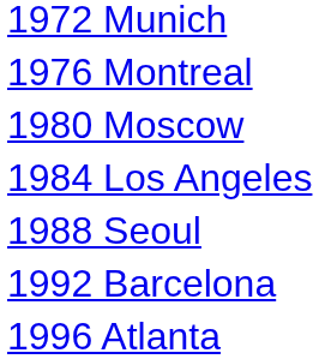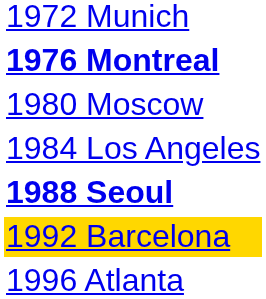 <table>
 <tr>
 <td><a href='#'>1972 Munich</a><br></td>
 <td></td>
 <td></td>
 <td></td>
 </tr>
 <tr>
-<td><a href='#'>1976 Montreal</a><br></td>
+<td><strong><a href='#'>1976 Montreal</a><br></strong></td>
 <td></td>
 <td></td>
 <td></td>
 </tr>
 <tr>
 <td><a href='#'>1980 Moscow</a><br></td>
 <td></td>
 <td></td>
 <td></td>
 </tr>
 <tr>
 <td><a href='#'>1984 Los Angeles</a><br></td>
 <td></td>
 <td></td>
 <td></td>
 </tr>
 <tr>
-<td><a href='#'>1988 Seoul</a><br></td>
+<td><strong><a href='#'>1988 Seoul</a><br></strong></td>
 <td></td>
 <td></td>
 <td></td>
 </tr>
 <tr>
-<td><a href='#'>1992 Barcelona</a><br></td>
+<td style="background: gold;"><a href='#'>1992 Barcelona</a><br></td>
 <td></td>
 <td></td>
 <td></td>
 </tr>
 <tr>
 <td><a href='#'>1996 Atlanta</a><br></td>
 <td></td>
 <td></td>
 <td></td>
 </tr>
 </table>
